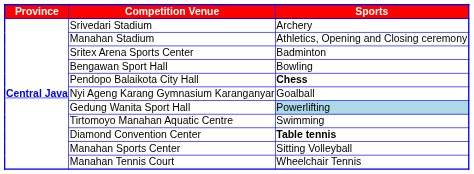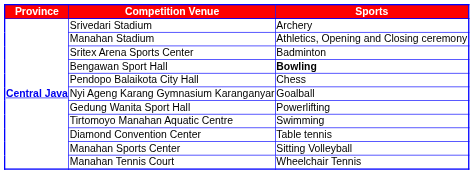 <table border=1 style="border-collapse:collapse; text-align:left; font-size:100%; border:2px solid blue;">
 <tr style="text-align:center; color:white; font-weight:bold; background:red;">
 <td>Province</td>
 <td>Competition Venue</td>
 <td>Sports</td>
 </tr>
 <tr>
 <th rowspan=12><a href='#'>Central Java</a></th>
 </tr>
 <tr>
 <td>Srivedari Stadium</td>
 <td>Archery</td>
 </tr>
 <tr>
 <td>Manahan Stadium</td>
 <td>Athletics, Opening and Closing ceremony</td>
 </tr>
 <tr>
 <td>Sritex Arena Sports Center</td>
 <td>Badminton</td>
 </tr>
 <tr>
 <td>Bengawan Sport Hall</td>
-<td>Bowling</td>
+<td><strong>Bowling</strong></td>
 </tr>
 <tr>
 <td>Pendopo Balaikota City Hall</td>
-<td><strong>Chess</strong></td>
+<td>Chess</td>
 </tr>
 <tr>
 <td>Nyi Ageng Karang Gymnasium Karanganyar</td>
 <td>Goalball</td>
 </tr>
 <tr>
 <td>Gedung Wanita Sport Hall</td>
-<td style="background: lightblue;">Powerlifting</td>
+<td>Powerlifting</td>
 </tr>
 <tr>
 <td>Tirtomoyo Manahan Aquatic Centre</td>
 <td>Swimming</td>
 </tr>
 <tr>
 <td>Diamond Convention Center</td>
-<td><strong>Table tennis</strong></td>
+<td>Table tennis</td>
 </tr>
 <tr>
 <td>Manahan Sports Center</td>
 <td>Sitting Volleyball</td>
 </tr>
 <tr>
 <td>Manahan Tennis Court</td>
 <td>Wheelchair Tennis</td>
 </tr>
 </table>
